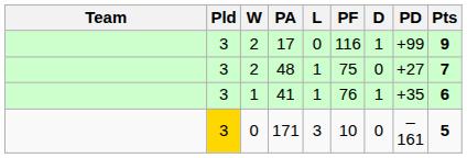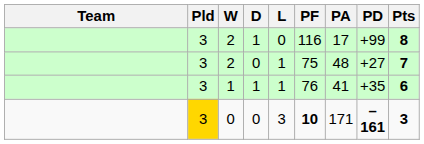 <table class="wikitable" style="text-align:center;">
 <tr>
 <th width=190>Team</th>
 <th width=20 abbr="Played">Pld</th>
 <th width=20 abbr="Won">W</th>
-<th width=20 abbr="Points against">PA</th>
+<th width=20 abbr="Drawn">D</th>
 <th width=20 abbr="Lost">L</th>
 <th width=20 abbr="Points for">PF</th>
-<th width=20 abbr="Drawn">D</th>
+<th width=20 abbr="Points against">PA</th>
 <th width=25 abbr="Points difference">PD</th>
 <th width=20 abbr="Points">Pts</th>
 </tr>
 <tr style="background:#ccffcc">
 <td align=left></td>
 <td>3</td>
 <td>2</td>
-<td>17</td>
+<td>1</td>
 <td>0</td>
 <td>116</td>
-<td>1</td>
+<td>17</td>
 <td>+99</td>
-<td><strong>9</strong></td>
+<td><strong>8</strong></td>
 </tr>
 <tr style="background:#ccffcc">
 <td align=left></td>
 <td>3</td>
 <td>2</td>
-<td>48</td>
+<td>0</td>
 <td>1</td>
 <td>75</td>
-<td>0</td>
+<td>48</td>
 <td>+27</td>
 <td><strong>7</strong></td>
 </tr>
 <tr style="background:#ccffcc">
 <td align=left></td>
 <td>3</td>
 <td>1</td>
-<td>41</td>
+<td>1</td>
 <td>1</td>
 <td>76</td>
-<td>1</td>
+<td>41</td>
 <td>+35</td>
 <td><strong>6</strong></td>
 </tr>
 <tr>
 <td align=left></td>
 <td style="background: gold;">3</td>
 <td>0</td>
+<td>0</td>
+<td>3</td>
+<td><strong>10</strong></td>
 <td>171</td>
-<td>3</td>
-<td>10</td>
-<td>0</td>
-<td>–161</td>
-<td><strong>5</strong></td>
+<td><strong>–161</strong></td>
+<td><strong>3</strong></td>
 </tr>
 </table>
